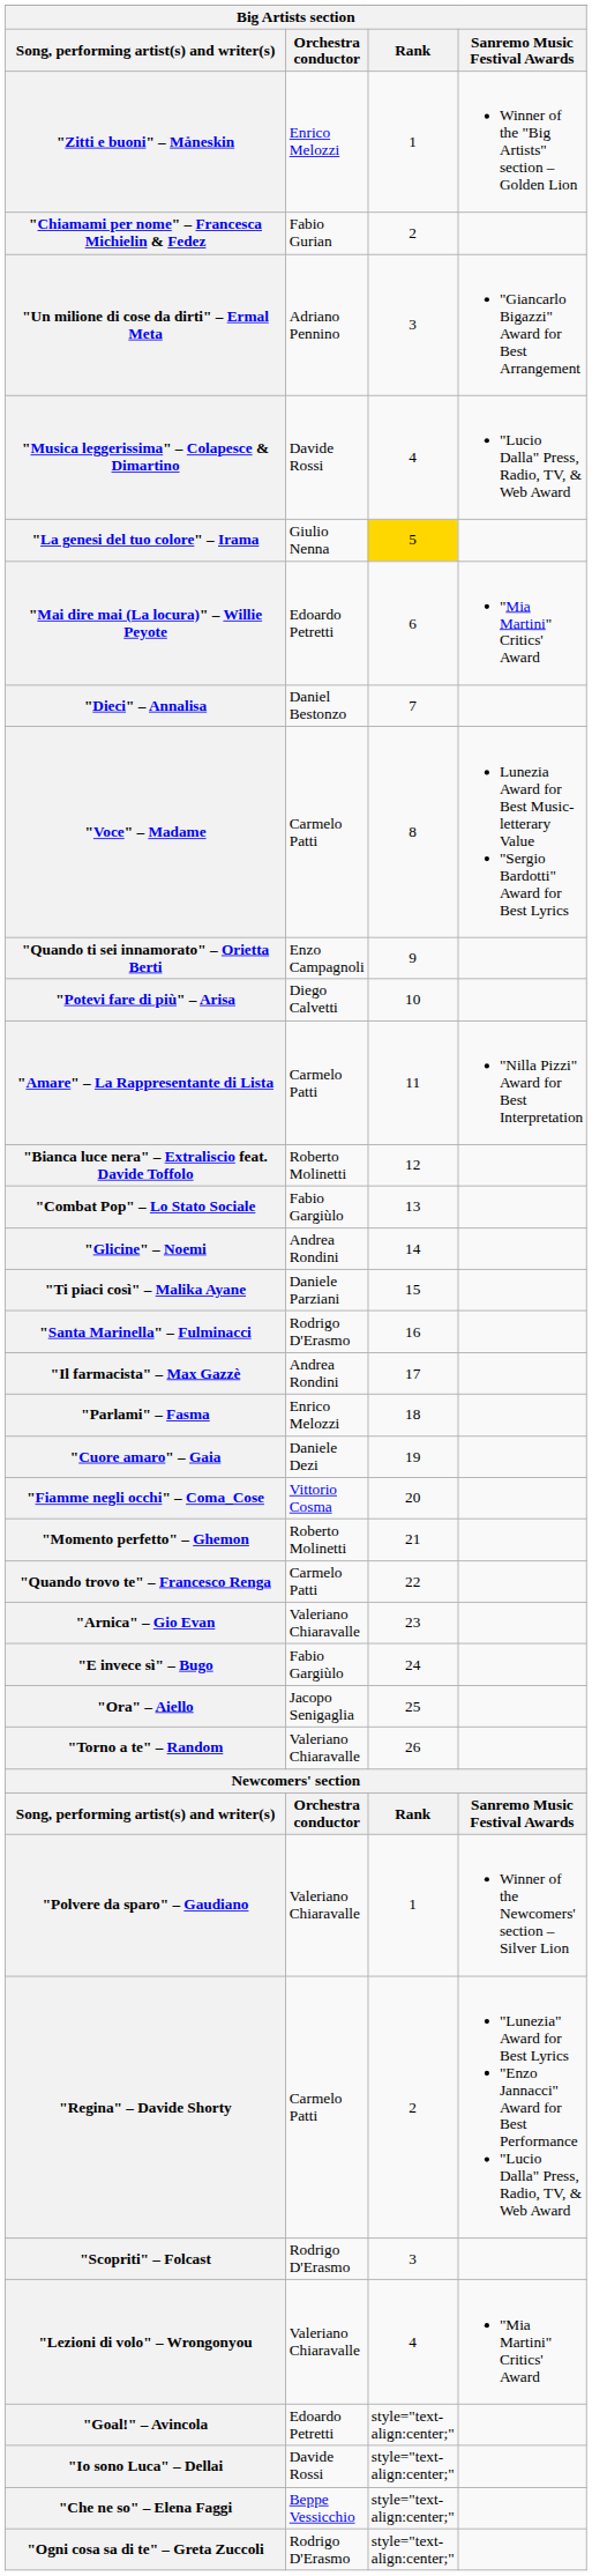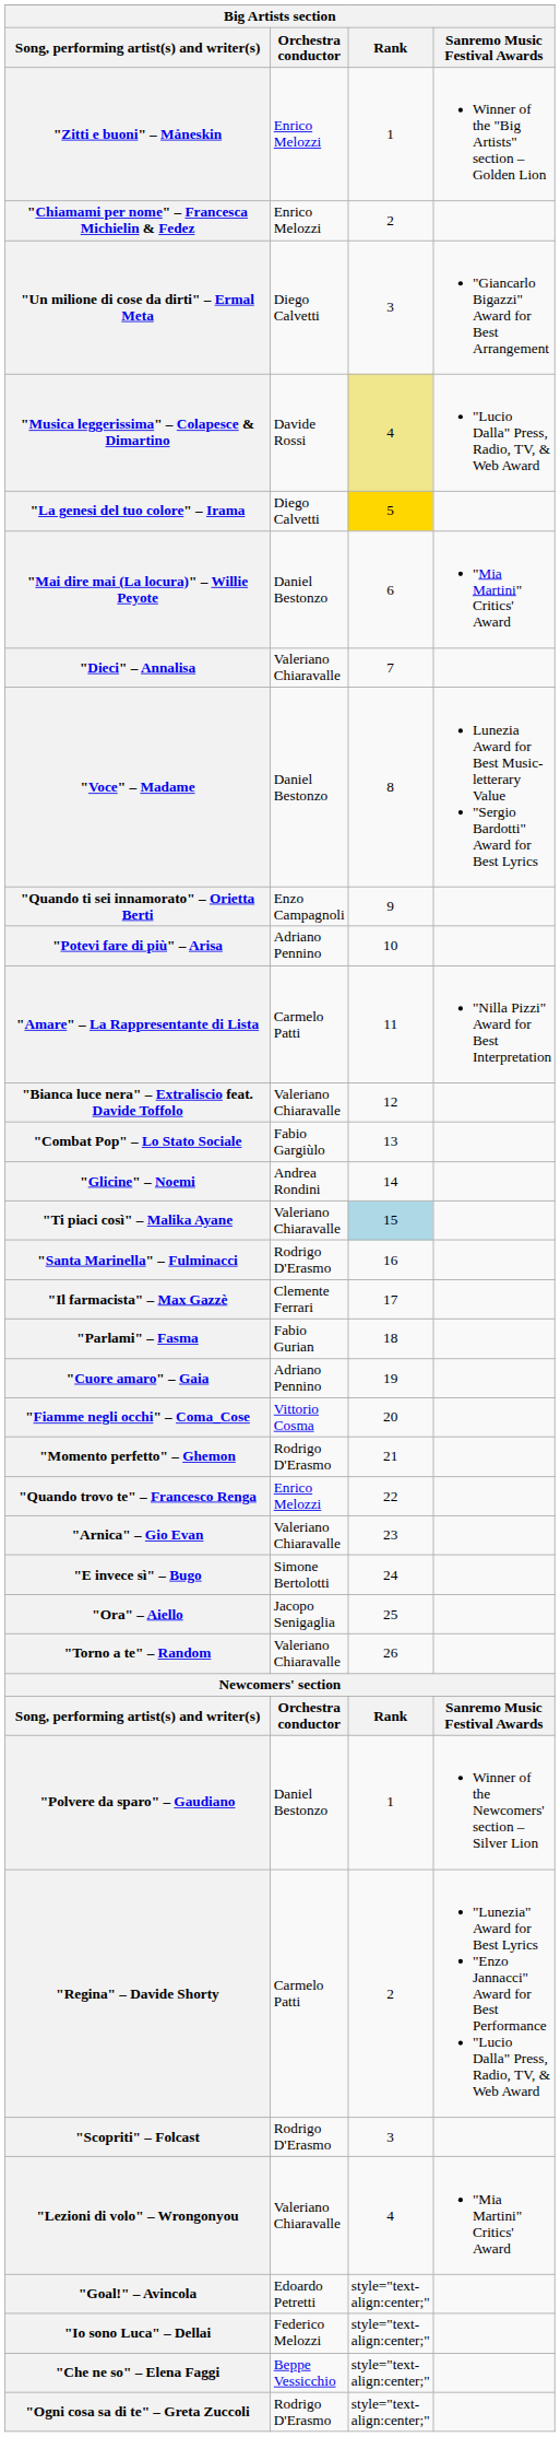 <table class="plainrowheaders wikitable">
 <tr>
 </tr>
 <tr>
 <th colspan="4">Big Artists section</th>
 </tr>
 <tr>
 <th style="width:40em;">Song, performing artist(s) and writer(s)</th>
 <th>Orchestra conductor</th>
 <th>Rank</th>
 <th>Sanremo Music Festival Awards</th>
 </tr>
 <tr>
 <th scope="row">"<a href='#'>Zitti e buoni</a>" – <a href='#'>Måneskin</a><br></th>
 <td><a href='#'>Enrico Melozzi</a></td>
 <td style="text-align:center;">1</td>
 <td><br><ul><li>Winner of the "Big Artists" section – Golden Lion</li></ul></td>
 </tr>
 <tr>
 <th scope="row">"<a href='#'>Chiamami per nome</a>" – <a href='#'>Francesca Michielin</a> & <a href='#'>Fedez</a><br></th>
-<td>Fabio Gurian</td>
+<td>Enrico Melozzi</td>
 <td style="text-align:center;">2</td>
 <td></td>
 </tr>
 <tr>
 <th scope="row">"Un milione di cose da dirti" – <a href='#'>Ermal Meta</a><br></th>
-<td>Adriano Pennino</td>
+<td>Diego Calvetti</td>
 <td style="text-align:center;">3</td>
 <td><br><ul><li>"Giancarlo Bigazzi" Award for Best Arrangement</li></ul></td>
 </tr>
 <tr>
 <th scope="row">"<a href='#'>Musica leggerissima</a>" – <a href='#'>Colapesce</a> & <a href='#'>Dimartino</a><br></th>
 <td>Davide Rossi</td>
-<td style="text-align:center;">4</td>
+<td style="background: khaki; text-align:center;">4</td>
 <td><br><ul><li>"Lucio Dalla" Press, Radio, TV, & Web Award</li></ul></td>
 </tr>
 <tr>
 <th scope="row">"<a href='#'>La genesi del tuo colore</a>" – <a href='#'>Irama</a><br></th>
-<td>Giulio Nenna</td>
+<td>Diego Calvetti</td>
 <td style="background: gold; text-align:center;">5</td>
 <td></td>
 </tr>
 <tr>
 <th scope="row">"<a href='#'>Mai dire mai (La locura)</a>" – <a href='#'>Willie Peyote</a><br></th>
-<td>Edoardo Petretti</td>
+<td>Daniel Bestonzo</td>
 <td style="text-align:center;">6</td>
 <td><br><ul><li>"<a href='#'>Mia Martini</a>" Critics' Award</li></ul></td>
 </tr>
 <tr>
 <th scope="row">"<a href='#'>Dieci</a>" – <a href='#'>Annalisa</a><br></th>
-<td>Daniel Bestonzo</td>
+<td>Valeriano Chiaravalle</td>
 <td style="text-align:center;">7</td>
 <td></td>
 </tr>
 <tr>
 <th scope="row">"<a href='#'>Voce</a>" – <a href='#'>Madame</a><br></th>
-<td>Carmelo Patti</td>
+<td>Daniel Bestonzo</td>
 <td style="text-align:center;">8</td>
 <td><br><ul><li>Lunezia Award for Best Music-letterary Value</li><li>"Sergio Bardotti" Award for Best Lyrics</li></ul></td>
 </tr>
 <tr>
 <th scope="row">"Quando ti sei innamorato" – <a href='#'>Orietta Berti</a><br></th>
 <td>Enzo Campagnoli</td>
 <td style="text-align:center;">9</td>
 <td></td>
 </tr>
 <tr>
 <th scope="row">"<a href='#'>Potevi fare di più</a>" – <a href='#'>Arisa</a><br></th>
-<td>Diego Calvetti</td>
+<td>Adriano Pennino</td>
 <td style="text-align:center;">10</td>
 <td></td>
 </tr>
 <tr>
 <th scope="row">"<a href='#'>Amare</a>" – <a href='#'>La Rappresentante di Lista</a><br></th>
 <td>Carmelo Patti</td>
 <td style="text-align:center;">11</td>
 <td><br><ul><li>"Nilla Pizzi" Award for Best Interpretation</li></ul></td>
 </tr>
 <tr>
 <th scope="row">"Bianca luce nera" – <a href='#'>Extraliscio</a> feat. <a href='#'>Davide Toffolo</a><br></th>
-<td>Roberto Molinetti</td>
+<td>Valeriano Chiaravalle</td>
 <td style="text-align:center;">12</td>
 <td></td>
 </tr>
 <tr>
 <th scope="row">"Combat Pop" – <a href='#'>Lo Stato Sociale</a><br></th>
 <td>Fabio Gargiùlo</td>
 <td style="text-align:center;">13</td>
 <td></td>
 </tr>
 <tr>
 <th scope="row">"<a href='#'>Glicine</a>" – <a href='#'>Noemi</a><br></th>
 <td>Andrea Rondini</td>
 <td style="text-align:center;">14</td>
 <td></td>
 </tr>
 <tr>
 <th scope="row">"Ti piaci così" – <a href='#'>Malika Ayane</a><br></th>
-<td>Daniele Parziani</td>
-<td style="text-align:center;">15</td>
+<td>Valeriano Chiaravalle</td>
+<td style="background: lightblue; text-align:center;">15</td>
 <td></td>
 </tr>
 <tr>
 <th scope="row">"<a href='#'>Santa Marinella</a>" – <a href='#'>Fulminacci</a><br></th>
 <td>Rodrigo D'Erasmo</td>
 <td style="text-align:center;">16</td>
 <td></td>
 </tr>
 <tr>
 <th scope="row">"Il farmacista" – <a href='#'>Max Gazzè</a><br></th>
-<td>Andrea Rondini</td>
+<td>Clemente Ferrari</td>
 <td style="text-align:center;">17</td>
 <td></td>
 </tr>
 <tr>
 <th scope="row">"Parlami" – <a href='#'>Fasma</a><br></th>
-<td>Enrico Melozzi</td>
+<td>Fabio Gurian</td>
 <td style="text-align:center;">18</td>
 <td></td>
 </tr>
 <tr>
 <th scope="row">"<a href='#'>Cuore amaro</a>" – <a href='#'>Gaia</a><br></th>
-<td>Daniele Dezi</td>
+<td>Adriano Pennino</td>
 <td style="text-align:center;">19</td>
 <td></td>
 </tr>
 <tr>
 <th scope="row">"<a href='#'>Fiamme negli occhi</a>" – <a href='#'>Coma_Cose</a><br></th>
 <td><a href='#'>Vittorio Cosma</a></td>
 <td style="text-align:center;">20</td>
 <td></td>
 </tr>
 <tr>
 <th scope="row">"Momento perfetto" – <a href='#'>Ghemon</a><br></th>
-<td>Roberto Molinetti</td>
+<td>Rodrigo D'Erasmo</td>
 <td style="text-align:center;">21</td>
 <td></td>
 </tr>
 <tr>
 <th scope="row">"Quando trovo te" – <a href='#'>Francesco Renga</a><br></th>
-<td>Carmelo Patti</td>
+<td><a href='#'>Enrico Melozzi</a></td>
 <td style="text-align:center;">22</td>
 <td></td>
 </tr>
 <tr>
 <th scope="row">"Arnica" – <a href='#'>Gio Evan</a><br></th>
 <td>Valeriano Chiaravalle</td>
 <td style="text-align:center;">23</td>
 <td></td>
 </tr>
 <tr>
 <th scope="row">"E invece sì" – <a href='#'>Bugo</a><br></th>
-<td>Fabio Gargiùlo</td>
+<td>Simone Bertolotti</td>
 <td style="text-align:center;">24</td>
 <td></td>
 </tr>
 <tr>
 <th scope="row">"Ora" – <a href='#'>Aiello</a><br></th>
 <td>Jacopo Senigaglia</td>
 <td style="text-align:center;">25</td>
 <td></td>
 </tr>
 <tr>
 <th scope="row">"Torno a te" – <a href='#'>Random</a><br></th>
 <td>Valeriano Chiaravalle</td>
 <td style="text-align:center;">26</td>
 <td></td>
 </tr>
 <tr>
 <th colspan="4">Newcomers' section</th>
 </tr>
 <tr>
 <th>Song, performing artist(s) and writer(s)</th>
 <th>Orchestra conductor</th>
 <th>Rank</th>
 <th>Sanremo Music Festival Awards</th>
 </tr>
 <tr>
 <th scope="row">"Polvere da sparo" – <a href='#'>Gaudiano</a><br></th>
-<td>Valeriano Chiaravalle</td>
+<td>Daniel Bestonzo</td>
 <td style="text-align:center;">1</td>
 <td><br><ul><li>Winner of the Newcomers' section – Silver Lion</li></ul></td>
 </tr>
 <tr>
 <th scope="row">"Regina" – Davide Shorty<br></th>
 <td>Carmelo Patti</td>
 <td style="text-align:center;">2</td>
 <td><br><ul><li>"Lunezia" Award for Best Lyrics</li><li>"Enzo Jannacci" Award for Best Performance</li><li>"Lucio Dalla" Press, Radio, TV, & Web Award</li></ul></td>
 </tr>
 <tr>
 <th scope="row">"Scopriti" – Folcast<br></th>
 <td>Rodrigo D'Erasmo</td>
 <td style="text-align:center;">3</td>
 <td></td>
 </tr>
 <tr>
 <th scope="row">"Lezioni di volo" – Wrongonyou<br></th>
 <td>Valeriano Chiaravalle</td>
 <td style="text-align:center;">4</td>
 <td><br><ul><li>"Mia Martini" Critics' Award</li></ul></td>
 </tr>
 <tr>
 <th scope="row">"Goal!" – Avincola<br></th>
 <td>Edoardo Petretti</td>
 <td>style="text-align:center;" </td>
 <td></td>
 </tr>
 <tr>
 <th scope="row">"Io sono Luca" – Dellai<br></th>
-<td>Davide Rossi</td>
+<td>Federico Melozzi</td>
 <td>style="text-align:center;" </td>
 <td></td>
 </tr>
 <tr>
 <th scope="row">"Che ne so" – Elena Faggi<br></th>
 <td><a href='#'>Beppe Vessicchio</a></td>
 <td>style="text-align:center;" </td>
 <td></td>
 </tr>
 <tr>
 <th scope="row">"Ogni cosa sa di te" – Greta Zuccoli<br></th>
 <td>Rodrigo D'Erasmo</td>
 <td>style="text-align:center;" </td>
 <td></td>
 </tr>
 </table>
